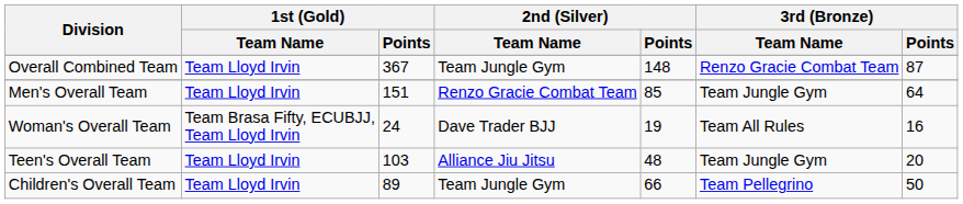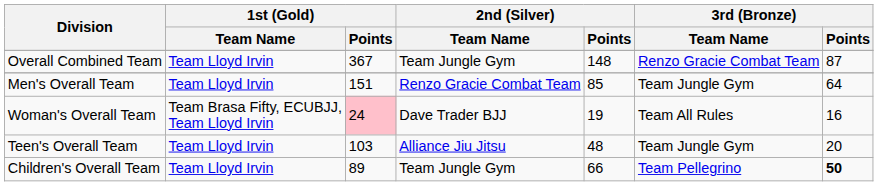 <table class="wikitable">
 <tr>
 <th rowspan=2>Division</th>
 <th colspan=2>1st (Gold)</th>
 <th colspan=2>2nd (Silver)</th>
 <th colspan=2>3rd (Bronze)</th>
 </tr>
 <tr>
 <th>Team Name</th>
 <th>Points</th>
 <th>Team Name</th>
 <th>Points</th>
 <th>Team Name</th>
 <th>Points</th>
 </tr>
 <tr>
 </tr>
 <tr>
 <td>Overall Combined Team</td>
 <td><a href='#'>Team Lloyd Irvin</a></td>
 <td>367</td>
 <td>Team Jungle Gym</td>
 <td>148</td>
 <td><a href='#'>Renzo Gracie Combat Team</a></td>
 <td>87</td>
 </tr>
 <tr>
 </tr>
 <tr>
 <td>Men's Overall Team</td>
 <td><a href='#'>Team Lloyd Irvin</a></td>
 <td>151</td>
 <td><a href='#'>Renzo Gracie Combat Team</a></td>
 <td>85</td>
 <td>Team Jungle Gym</td>
 <td>64</td>
 </tr>
 <tr>
 <td>Woman's Overall Team</td>
 <td>Team Brasa Fifty, ECUBJJ, <br><a href='#'>Team Lloyd Irvin</a></td>
-<td>24</td>
+<td style="background: pink;">24</td>
 <td>Dave Trader BJJ</td>
 <td>19</td>
 <td>Team All Rules</td>
 <td>16</td>
 </tr>
 <tr>
 <td>Teen's Overall Team</td>
 <td><a href='#'>Team Lloyd Irvin</a></td>
 <td>103</td>
 <td><a href='#'>Alliance Jiu Jitsu</a></td>
 <td>48</td>
 <td>Team Jungle Gym</td>
 <td>20</td>
 </tr>
 <tr>
 <td>Children's Overall Team</td>
 <td><a href='#'>Team Lloyd Irvin</a></td>
 <td>89</td>
 <td>Team Jungle Gym</td>
 <td>66</td>
 <td><a href='#'>Team Pellegrino</a></td>
-<td>50</td>
+<td><strong>50</strong></td>
 </tr>
 </table>
